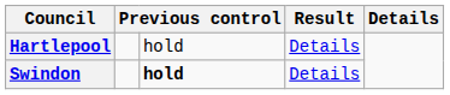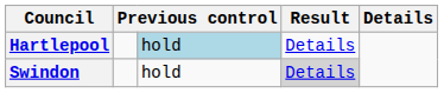 <table class="wikitable">
 <tr>
 <th scope="col">Council</th>
 <th colspan=2>Previous control</th>
 <th colspan=2>Result</th>
 <th scope="col" class="unsortable">Details</th>
 </tr>
 <tr>
 <th scope="row" style="text-align: left;"><a href='#'>Hartlepool</a></th>
 <td></td>
-<td> hold</td>
+<td style="background: lightblue;"> hold</td>
 <td><a href='#'>Details</a></td>
 </tr>
 <tr>
 <th scope="row" style="text-align: left;"><a href='#'>Swindon</a></th>
 <td></td>
-<td><strong> hold</strong></td>
-<td><a href='#'>Details</a></td>
+<td> hold</td>
+<td style="background: lightgrey;"><a href='#'>Details</a></td>
 </tr>
 </table>
